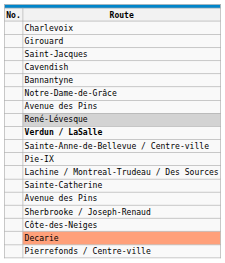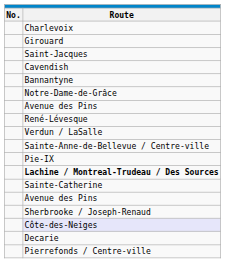 <table align=center class="wikitable">
 <tr>
 <th style="background: #0085CA; font-size:100%; color:#FFFFFF;"colspan="4"><a href='#'></a></th>
 </tr>
 <tr>
 <th>No.</th>
 <th>Route</th>
 </tr>
 <tr>
 <td></td>
 <td>Charlevoix</td>
 </tr>
 <tr>
 <td></td>
 <td>Girouard</td>
 </tr>
 <tr>
 <td {{Avoid wrap> </td>
 <td>Saint-Jacques</td>
 </tr>
 <tr>
 <td></td>
 <td>Cavendish</td>
 </tr>
 <tr>
 <td></td>
 <td>Bannantyne</td>
 </tr>
 <tr>
 <td></td>
 <td>Notre-Dame-de-Grâce</td>
 </tr>
 <tr>
 <td></td>
 <td>Avenue des Pins</td>
 </tr>
 <tr>
 <td></td>
-<td style="background: lightgrey;">René-Lévesque</td>
+<td>René-Lévesque</td>
 </tr>
 <tr>
 <td {{Avoid wrap> </td>
-<td><strong>Verdun / LaSalle</strong></td>
+<td>Verdun / LaSalle</td>
 </tr>
 <tr>
 <td {{Avoid wrap> </td>
 <td>Sainte-Anne-de-Bellevue / Centre-ville</td>
 </tr>
 <tr>
 <td {{Avoid wrap> </td>
 <td>Pie-IX</td>
 </tr>
 <tr>
 <td {{Avoid wrap> </td>
-<td>Lachine / Montreal-Trudeau / Des Sources</td>
+<td><strong>Lachine / Montreal-Trudeau / Des Sources</strong></td>
 </tr>
 <tr>
 <td {{Avoid wrap> </td>
 <td>Sainte-Catherine</td>
 </tr>
 <tr>
 <td {{Avoid wrap> </td>
 <td>Avenue des Pins</td>
 </tr>
 <tr>
 <td {{Avoid wrap> </td>
 <td>Sherbrooke / Joseph-Renaud</td>
 </tr>
 <tr>
 <td {{Avoid wrap> </td>
-<td>Côte-des-Neiges</td>
+<td style="background: lavender;">Côte-des-Neiges</td>
 </tr>
 <tr>
 <td {{Avoid wrap> </td>
-<td style="background: lightsalmon;">Decarie</td>
+<td>Decarie</td>
 </tr>
 <tr>
 <td {{Avoid wrap> </td>
 <td>Pierrefonds / Centre-ville</td>
 </tr>
 </table>
